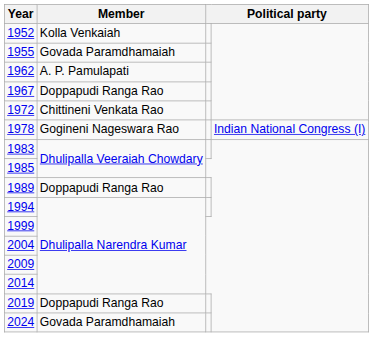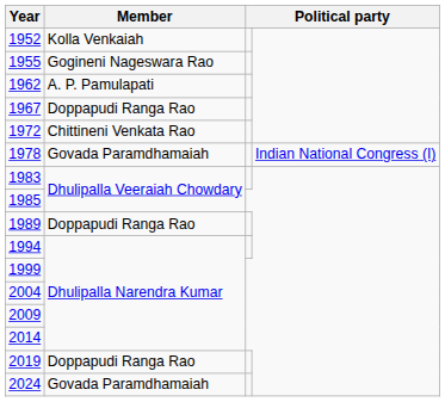 <table class="wikitable sortable">
 <tr>
 <th>Year</th>
 <th>Member</th>
 <th colspan="2">Political party</th>
 </tr>
 <tr>
 <td><a href='#'>1952</a></td>
 <td>Kolla Venkaiah</td>
 <td></td>
 </tr>
 <tr>
 <td><a href='#'>1955</a></td>
-<td>Govada Paramdhamaiah</td>
+<td>Gogineni Nageswara Rao</td>
 <td></td>
 </tr>
 <tr>
 <td><a href='#'>1962</a></td>
 <td>A. P. Pamulapati</td>
 <td></td>
 </tr>
 <tr>
 <td><a href='#'>1967</a></td>
 <td>Doppapudi Ranga Rao</td>
 <td></td>
 </tr>
 <tr>
 <td><a href='#'>1972</a></td>
 <td>Chittineni Venkata Rao</td>
 <td></td>
 </tr>
 <tr>
 <td><a href='#'>1978</a></td>
-<td>Gogineni Nageswara Rao</td>
+<td>Govada Paramdhamaiah</td>
 <td style="background-color: "></td>
 <td><a href='#'>Indian National Congress (I)</a></td>
 </tr>
 <tr>
 <td><a href='#'>1983</a></td>
 <td rowspan=2><a href='#'>Dhulipalla Veeraiah Chowdary</a></td>
 <td></td>
 </tr>
 <tr>
 <td><a href='#'>1985</a></td>
 </tr>
 <tr>
 <td><a href='#'>1989</a></td>
 <td>Doppapudi Ranga Rao</td>
 <td></td>
 </tr>
 <tr>
 <td><a href='#'>1994</a></td>
 <td rowspan=5><a href='#'>Dhulipalla Narendra Kumar</a></td>
 <td></td>
 </tr>
 <tr>
 <td><a href='#'>1999</a></td>
 </tr>
 <tr>
 <td><a href='#'>2004</a></td>
 </tr>
 <tr>
 <td><a href='#'>2009</a></td>
 </tr>
 <tr>
 <td><a href='#'>2014</a></td>
 </tr>
 <tr>
 <td><a href='#'>2019</a></td>
 <td>Doppapudi Ranga Rao</td>
 <td></td>
 </tr>
 <tr>
 <td><a href='#'>2024</a></td>
 <td>Govada Paramdhamaiah</td>
 <td></td>
 </tr>
 </table>
